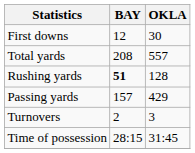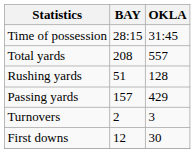 <table class="wikitable">
 <tr>
 <th>Statistics</th>
 <th>BAY</th>
 <th>OKLA</th>
 </tr>
 <tr>
-<td>First downs</td>
-<td>12</td>
-<td>30</td>
+<td>Time of possession</td>
+<td>28:15</td>
+<td>31:45</td>
 </tr>
 <tr>
 <td>Total yards</td>
 <td>208</td>
 <td>557</td>
 </tr>
 <tr>
 <td>Rushing yards</td>
-<td><strong>51</strong></td>
+<td>51</td>
 <td>128</td>
 </tr>
 <tr>
 <td>Passing yards</td>
 <td>157</td>
 <td>429</td>
 </tr>
 <tr>
 <td>Turnovers</td>
 <td>2</td>
 <td>3</td>
 </tr>
 <tr>
-<td>Time of possession</td>
-<td>28:15</td>
-<td>31:45</td>
+<td>First downs</td>
+<td>12</td>
+<td>30</td>
 </tr>
 <tr>
 </tr>
 </table>
